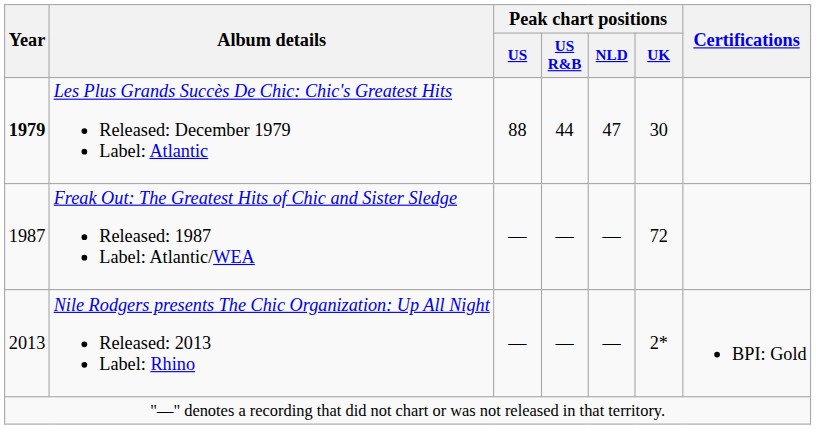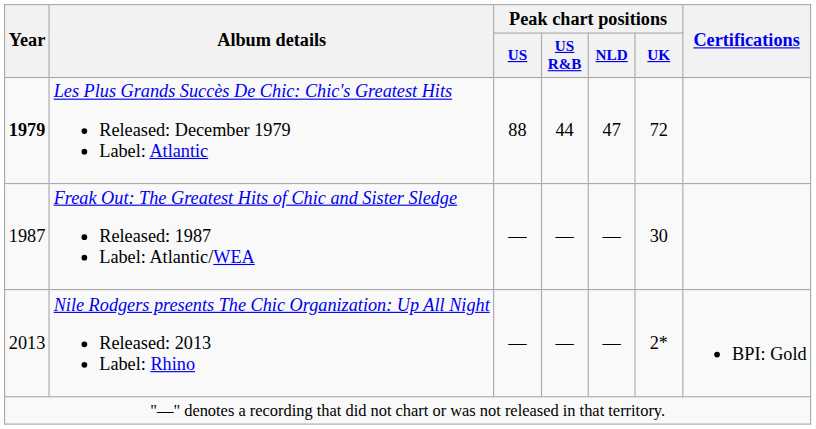 <table class="wikitable" style=text-align:center;>
 <tr>
 <th rowspan="2">Year</th>
 <th rowspan="2">Album details</th>
 <th colspan="4">Peak chart positions</th>
 <th rowspan="2"><a href='#'>Certifications</a></th>
 </tr>
 <tr style="font-size:smaller;">
 <th width="35"><a href='#'>US</a><br></th>
 <th width="35"><a href='#'>US R&B</a><br></th>
 <th width="35"><a href='#'>NLD</a><br></th>
 <th width="35"><a href='#'>UK</a><br></th>
 </tr>
 <tr>
 <td><strong>1979</strong></td>
 <td align=left><em><a href='#'>Les Plus Grands Succès De Chic: Chic's Greatest Hits</a></em><br><ul><li>Released: December 1979</li><li>Label: <a href='#'>Atlantic</a></li></ul></td>
 <td>88</td>
 <td>44</td>
 <td>47</td>
-<td>30</td>
+<td>72</td>
 <td></td>
 </tr>
 <tr>
 <td>1987</td>
 <td align=left><em><a href='#'>Freak Out: The Greatest Hits of Chic and Sister Sledge</a></em><br><ul><li>Released: 1987</li><li>Label: Atlantic/<a href='#'>WEA</a></li></ul></td>
 <td>—</td>
 <td>—</td>
 <td>—</td>
-<td>72</td>
+<td>30</td>
 <td></td>
 </tr>
 <tr>
 <td>2013</td>
 <td align=left><em><a href='#'>Nile Rodgers presents The Chic Organization: Up All Night</a></em><br><ul><li>Released: 2013</li><li>Label: <a href='#'>Rhino</a></li></ul></td>
 <td>—</td>
 <td>—</td>
 <td>—</td>
 <td>2*</td>
 <td><br><ul><li>BPI: Gold</li></ul></td>
 </tr>
 <tr>
 <td colspan="15" style="font-size:90%">"—" denotes a recording that did not chart or was not released in that territory.</td>
 </tr>
 </table>
